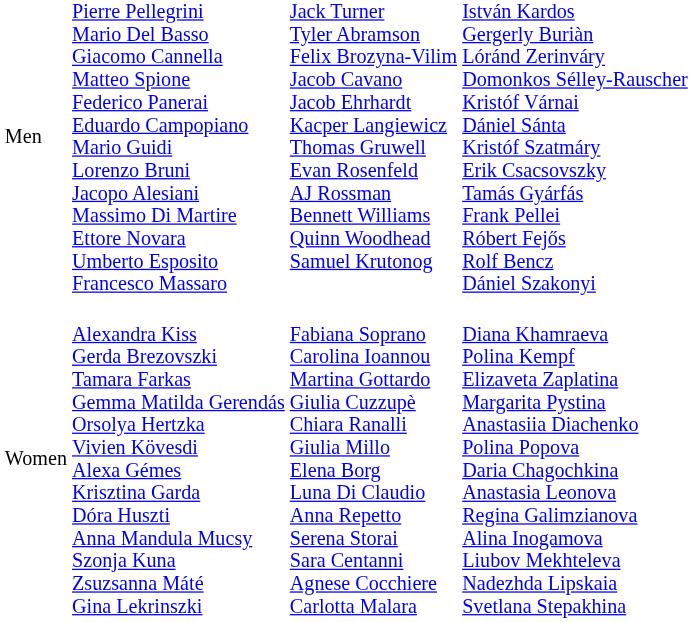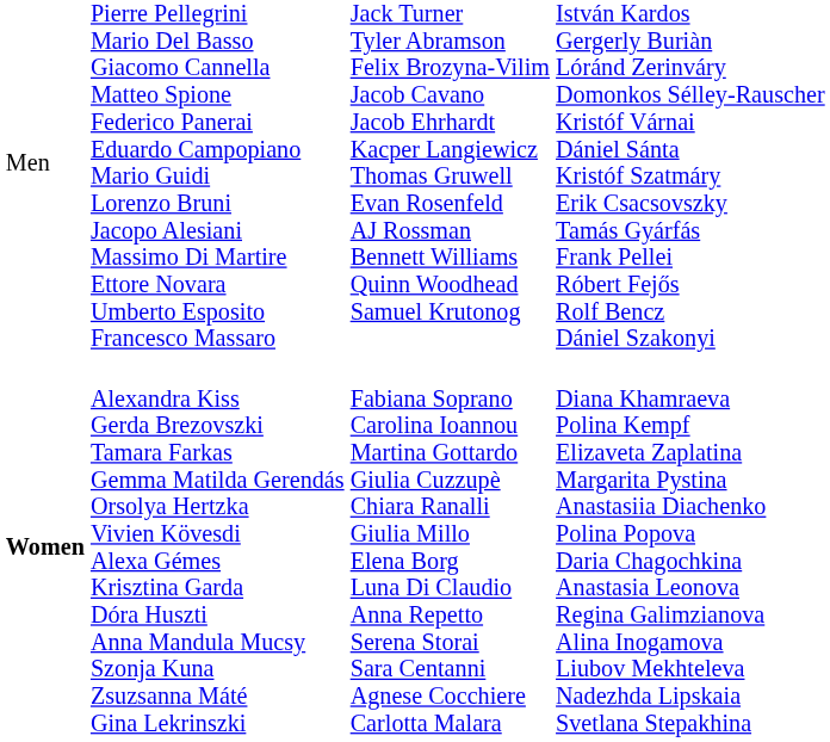 <table>
 <tr>
 <td>Men<br></td>
 <td><br><a href='#'>Pierre Pellegrini</a><br><a href='#'>Mario Del Basso</a><br><a href='#'>Giacomo Cannella</a><br><a href='#'>Matteo Spione</a><br><a href='#'>Federico Panerai</a><br><a href='#'>Eduardo Campopiano</a><br><a href='#'>Mario Guidi</a><br><a href='#'>Lorenzo Bruni</a><br><a href='#'>Jacopo Alesiani</a><br><a href='#'>Massimo Di Martire</a><br><a href='#'>Ettore Novara</a><br><a href='#'>Umberto Esposito</a><br><a href='#'>Francesco Massaro</a></td>
 <td><br><a href='#'>Jack Turner</a><br><a href='#'>Tyler Abramson</a><br><a href='#'>Felix Brozyna-Vilim</a><br><a href='#'>Jacob Cavano</a><br><a href='#'>Jacob Ehrhardt</a><br><a href='#'>Kacper Langiewicz</a><br><a href='#'>Thomas Gruwell</a><br><a href='#'>Evan Rosenfeld</a><br><a href='#'>AJ Rossman</a><br><a href='#'> Bennett Williams</a><br><a href='#'>Quinn Woodhead</a><br><a href='#'>Samuel Krutonog</a><br><br></td>
 <td><br><a href='#'>István Kardos</a><br><a href='#'>Gergerly Buriàn</a><br><a href='#'>Lóránd Zerinváry</a><br><a href='#'>Domonkos Sélley-Rauscher</a><br><a href='#'>Kristóf Várnai</a><br><a href='#'>Dániel Sánta</a><br><a href='#'>Kristóf Szatmáry</a><br><a href='#'>Erik Csacsovszky</a><br><a href='#'>Tamás Gyárfás</a><br><a href='#'>Frank Pellei</a><br><a href='#'>Róbert Fejős</a><br><a href='#'>Rolf Bencz</a><br><a href='#'>Dániel Szakonyi</a></td>
 </tr>
 <tr>
-<td>Women<br></td>
+<td><strong>Women<br></strong></td>
 <td><br><a href='#'>Alexandra Kiss</a><br><a href='#'>Gerda Brezovszki</a><br><a href='#'>Tamara Farkas</a><br><a href='#'>Gemma Matilda Gerendás</a><br><a href='#'>Orsolya Hertzka</a><br><a href='#'>Vivien Kövesdi</a><br><a href='#'>Alexa Gémes</a><br><a href='#'>Krisztina Garda</a><br><a href='#'>Dóra Huszti</a><br><a href='#'>Anna Mandula Mucsy</a><br><a href='#'>Szonja Kuna</a><br><a href='#'>Zsuzsanna Máté</a><br><a href='#'>Gina Lekrinszki</a></td>
 <td><br><a href='#'>Fabiana Soprano</a><br><a href='#'>Carolina Ioannou</a><br><a href='#'>Martina Gottardo</a><br><a href='#'>Giulia Cuzzupè</a><br><a href='#'>Chiara Ranalli</a><br><a href='#'>Giulia Millo</a><br><a href='#'>Elena Borg</a><br><a href='#'>Luna Di Claudio</a><br><a href='#'>Anna Repetto</a><br><a href='#'>Serena Storai</a><br><a href='#'>Sara Centanni</a><br><a href='#'>Agnese Cocchiere</a><br><a href='#'>Carlotta Malara</a></td>
 <td><br><a href='#'>Diana Khamraeva</a><br><a href='#'>Polina Kempf</a><br><a href='#'>Elizaveta Zaplatina</a><br><a href='#'>Margarita Pystina</a><br><a href='#'>Anastasiia Diachenko</a><br><a href='#'>Polina Popova</a><br><a href='#'>Daria Chagochkina</a><br><a href='#'>Anastasia Leonova</a><br><a href='#'>Regina Galimzianova</a><br><a href='#'>Alina Inogamova</a><br><a href='#'>Liubov Mekhteleva</a><br><a href='#'>Nadezhda Lipskaia</a><br><a href='#'>Svetlana Stepakhina</a></td>
 </tr>
 </table>
